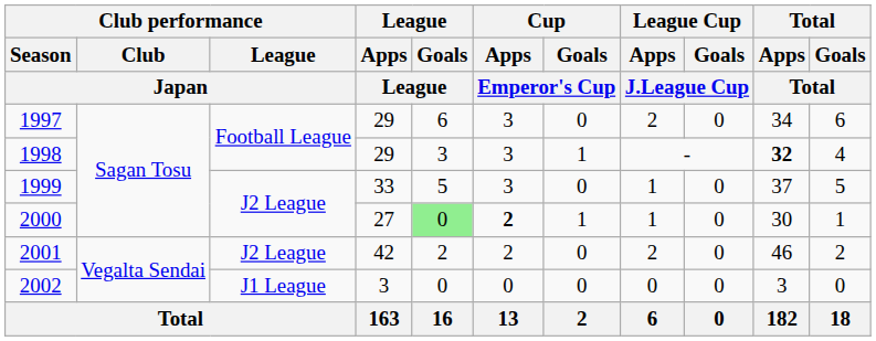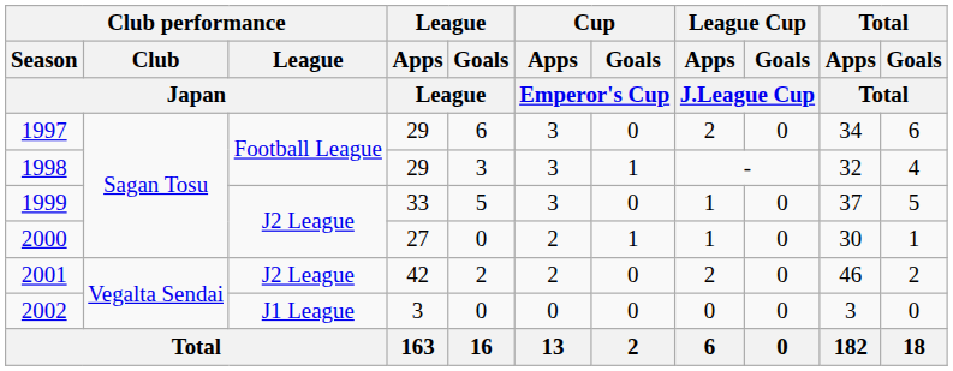 <table class="wikitable" style="text-align:center;">
 <tr>
 <th colspan=3>Club performance</th>
 <th colspan=2>League</th>
 <th colspan=2>Cup</th>
 <th colspan=2>League Cup</th>
 <th colspan=2>Total</th>
 </tr>
 <tr>
 <th>Season</th>
 <th>Club</th>
 <th>League</th>
 <th>Apps</th>
 <th>Goals</th>
 <th>Apps</th>
 <th>Goals</th>
 <th>Apps</th>
 <th>Goals</th>
 <th>Apps</th>
 <th>Goals</th>
 </tr>
 <tr>
 <th colspan=3>Japan</th>
 <th colspan=2>League</th>
 <th colspan=2><a href='#'>Emperor's Cup</a></th>
 <th colspan=2><a href='#'>J.League Cup</a></th>
 <th colspan=2>Total</th>
 </tr>
 <tr>
 <td><a href='#'>1997</a></td>
 <td rowspan="4"><a href='#'>Sagan Tosu</a></td>
 <td rowspan="2"><a href='#'>Football League</a></td>
 <td>29</td>
 <td>6</td>
 <td>3</td>
 <td>0</td>
 <td>2</td>
 <td>0</td>
 <td>34</td>
 <td>6</td>
 </tr>
 <tr>
 <td><a href='#'>1998</a></td>
 <td>29</td>
 <td>3</td>
 <td>3</td>
 <td>1</td>
 <td colspan="2">-</td>
-<td><strong>32</strong></td>
+<td>32</td>
 <td>4</td>
 </tr>
 <tr>
 <td><a href='#'>1999</a></td>
 <td rowspan="2"><a href='#'>J2 League</a></td>
 <td>33</td>
 <td>5</td>
 <td>3</td>
 <td>0</td>
 <td>1</td>
 <td>0</td>
 <td>37</td>
 <td>5</td>
 </tr>
 <tr>
 <td><a href='#'>2000</a></td>
 <td>27</td>
-<td style="background: lightgreen;">0</td>
-<td><strong>2</strong></td>
+<td>0</td>
+<td>2</td>
 <td>1</td>
 <td>1</td>
 <td>0</td>
 <td>30</td>
 <td>1</td>
 </tr>
 <tr>
 <td><a href='#'>2001</a></td>
 <td rowspan="2"><a href='#'>Vegalta Sendai</a></td>
 <td><a href='#'>J2 League</a></td>
 <td>42</td>
 <td>2</td>
 <td>2</td>
 <td>0</td>
 <td>2</td>
 <td>0</td>
 <td>46</td>
 <td>2</td>
 </tr>
 <tr>
 <td><a href='#'>2002</a></td>
 <td><a href='#'>J1 League</a></td>
 <td>3</td>
 <td>0</td>
 <td>0</td>
 <td>0</td>
 <td>0</td>
 <td>0</td>
 <td>3</td>
 <td>0</td>
 </tr>
 <tr>
 <th colspan=3>Total</th>
 <th>163</th>
 <th>16</th>
 <th>13</th>
 <th>2</th>
 <th>6</th>
 <th>0</th>
 <th>182</th>
 <th>18</th>
 </tr>
 </table>
